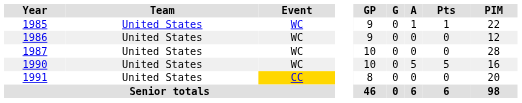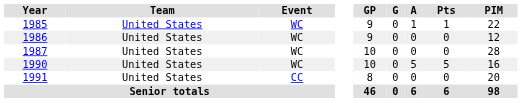 <table border="0" cellpadding="1" cellspacing="0" style="text-align:center; width:50em">
 <tr ALIGN="center" bgcolor="#e0e0e0">
 <th>Year</th>
 <th>Team</th>
 <th>Event</th>
 <th ALIGN="center" rowspan="99" bgcolor="#ffffff"> </th>
 <th>GP</th>
 <th>G</th>
 <th>A</th>
 <th>Pts</th>
 <th>PIM</th>
 </tr>
 <tr>
 <td><a href='#'>1985</a></td>
 <td><a href='#'>United States</a></td>
 <td><a href='#'>WC</a></td>
 <td>9</td>
 <td>0</td>
 <td>1</td>
 <td>1</td>
 <td>22</td>
 </tr>
 <tr bgcolor="#f0f0f0">
 <td><a href='#'>1986</a></td>
 <td>United States</td>
 <td>WC</td>
 <td>9</td>
 <td>0</td>
 <td>0</td>
 <td>0</td>
 <td>12</td>
 </tr>
 <tr>
 <td><a href='#'>1987</a></td>
 <td>United States</td>
 <td>WC</td>
 <td>10</td>
 <td>0</td>
 <td>0</td>
 <td>0</td>
 <td>28</td>
 </tr>
 <tr bgcolor="#f0f0f0">
 <td><a href='#'>1990</a></td>
 <td>United States</td>
 <td>WC</td>
 <td>10</td>
 <td>0</td>
 <td>5</td>
 <td>5</td>
 <td>16</td>
 </tr>
 <tr>
 <td><a href='#'>1991</a></td>
 <td>United States</td>
-<td style="background: gold;"><a href='#'>CC</a></td>
+<td><a href='#'>CC</a></td>
 <td>8</td>
 <td>0</td>
 <td>0</td>
 <td>0</td>
 <td>20</td>
 </tr>
 <tr bgcolor="#e0e0e0">
 <th colspan=3>Senior totals</th>
 <th>46</th>
 <th>0</th>
 <th>6</th>
 <th>6</th>
 <th>98</th>
 </tr>
 </table>
